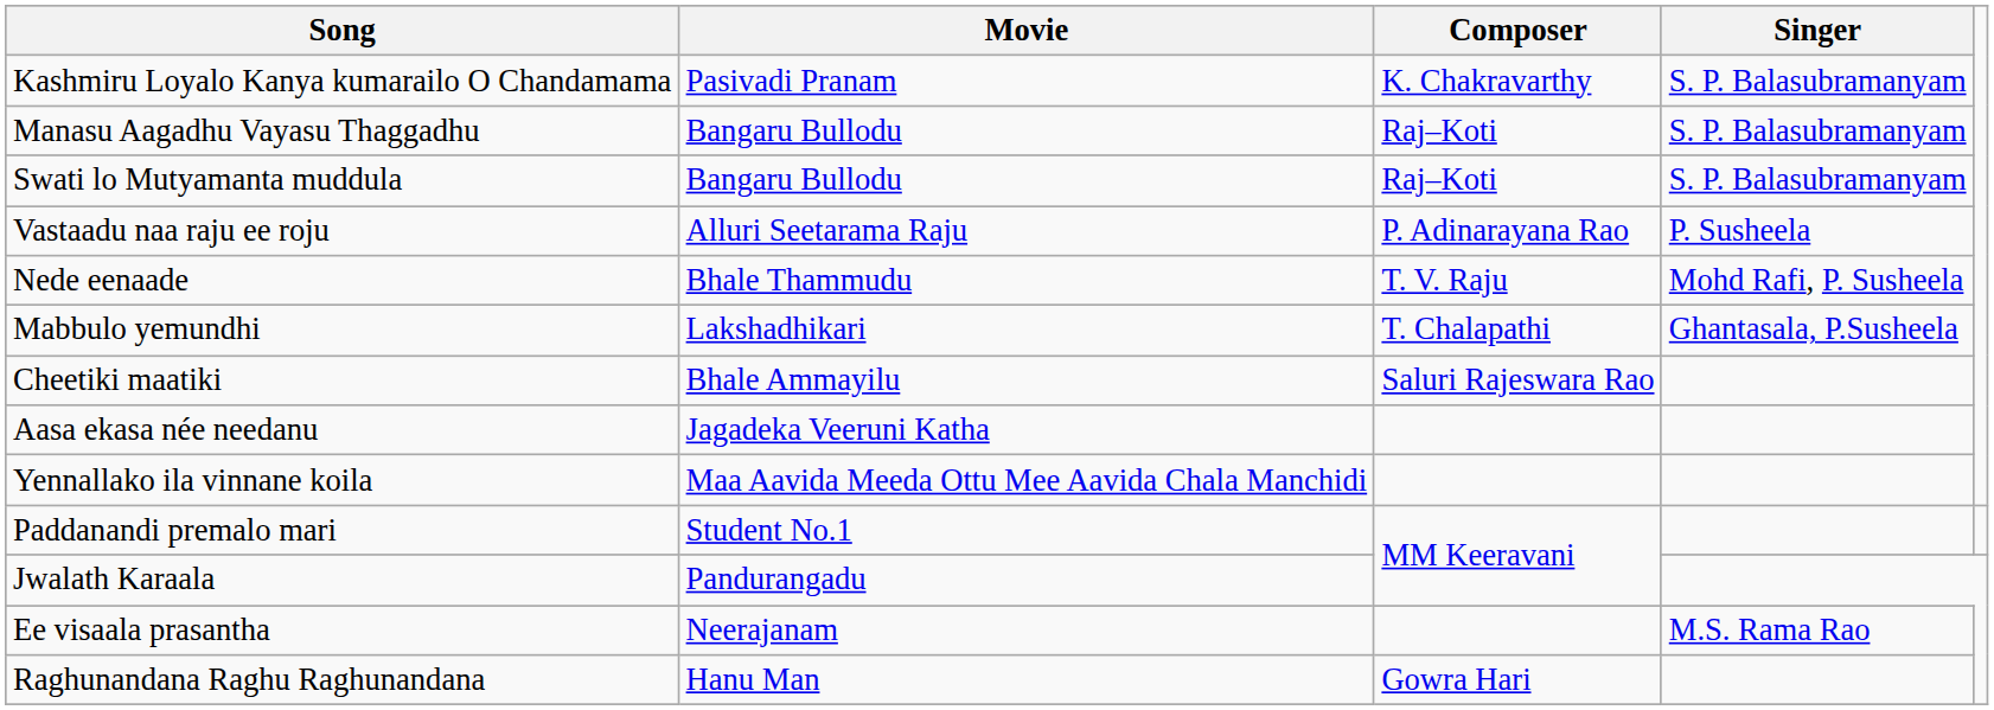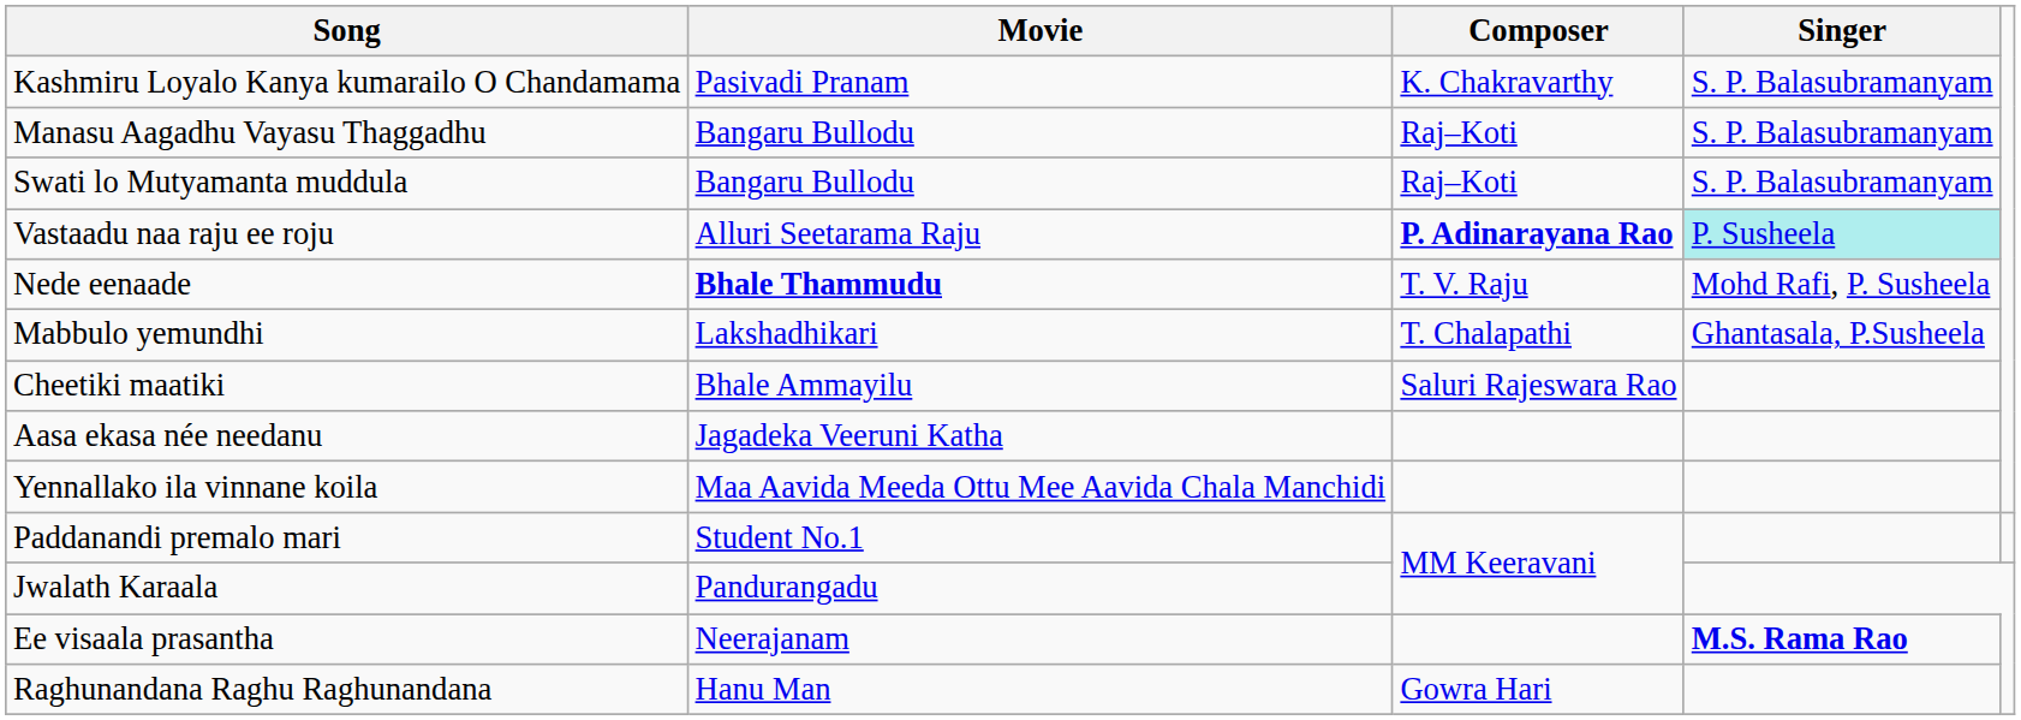 <table class="wikitable">
 <tr>
 <th>Song</th>
 <th>Movie</th>
 <th>Composer</th>
 <th>Singer</th>
 </tr>
 <tr>
 <td>Kashmiru Loyalo Kanya kumarailo O Chandamama</td>
 <td><a href='#'>Pasivadi Pranam</a></td>
 <td><a href='#'>K. Chakravarthy</a></td>
 <td><a href='#'>S. P. Balasubramanyam</a></td>
 </tr>
 <tr>
 <td>Manasu Aagadhu Vayasu Thaggadhu</td>
 <td><a href='#'>Bangaru Bullodu</a></td>
 <td><a href='#'>Raj–Koti</a></td>
 <td><a href='#'>S. P. Balasubramanyam</a></td>
 </tr>
 <tr>
 <td>Swati lo Mutyamanta muddula</td>
 <td><a href='#'>Bangaru Bullodu</a></td>
 <td><a href='#'>Raj–Koti</a></td>
 <td><a href='#'>S. P. Balasubramanyam</a></td>
 </tr>
 <tr>
 <td>Vastaadu naa raju ee roju</td>
 <td><a href='#'>Alluri Seetarama Raju</a></td>
-<td><a href='#'>P. Adinarayana Rao</a></td>
-<td><a href='#'>P. Susheela</a></td>
+<td><strong><a href='#'>P. Adinarayana Rao</a></strong></td>
+<td style="background: paleturquoise;"><a href='#'>P. Susheela</a></td>
 </tr>
 <tr>
 <td>Nede eenaade</td>
-<td><a href='#'>Bhale Thammudu</a></td>
+<td><strong><a href='#'>Bhale Thammudu</a></strong></td>
 <td><a href='#'>T. V. Raju</a></td>
 <td><a href='#'>Mohd Rafi</a>, <a href='#'>P. Susheela</a></td>
 </tr>
 <tr>
 <td>Mabbulo yemundhi</td>
 <td><a href='#'>Lakshadhikari</a></td>
 <td><a href='#'>T. Chalapathi</a></td>
 <td><a href='#'>Ghantasala, P.Susheela</a></td>
 </tr>
 <tr>
 <td>Cheetiki maatiki</td>
 <td><a href='#'>Bhale Ammayilu</a></td>
 <td><a href='#'>Saluri Rajeswara Rao</a></td>
 <td></td>
 </tr>
 <tr>
 <td>Aasa ekasa née needanu</td>
 <td><a href='#'>Jagadeka Veeruni Katha</a></td>
 <td></td>
 <td></td>
 </tr>
 <tr>
 <td>Yennallako ila vinnane koila</td>
 <td><a href='#'>Maa Aavida Meeda Ottu Mee Aavida Chala Manchidi</a></td>
 <td></td>
 <td></td>
 </tr>
 <tr>
 <td>Paddanandi premalo mari</td>
 <td><a href='#'>Student No.1</a></td>
 <td rowspan=2><a href='#'>MM Keeravani</a></td>
 <td></td>
 <td></td>
 </tr>
 <tr>
 <td>Jwalath Karaala</td>
 <td><a href='#'>Pandurangadu</a></td>
 </tr>
 <tr>
 <td>Ee visaala prasantha</td>
 <td><a href='#'>Neerajanam</a></td>
 <td></td>
-<td><a href='#'>M.S. Rama Rao</a></td>
+<td><strong><a href='#'>M.S. Rama Rao</a></strong></td>
 </tr>
 <tr>
 <td>Raghunandana Raghu Raghunandana</td>
 <td><a href='#'>Hanu Man</a></td>
 <td><a href='#'>Gowra Hari</a></td>
 <td></td>
 </tr>
 </table>
